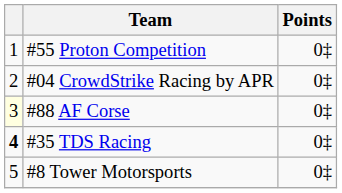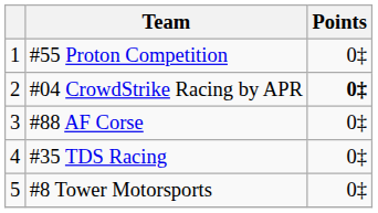 <table class="wikitable" style="font-size: 95%;">
 <tr>
 <th scope="col"></th>
 <th scope="col">Team</th>
 <th scope="col">Points</th>
 </tr>
 <tr>
 <td align=center>1</td>
 <td> #55 <a href='#'>Proton Competition</a></td>
 <td align=right>0‡</td>
 </tr>
 <tr>
 <td align=center>2</td>
 <td> #04 <a href='#'>CrowdStrike</a> Racing by APR</td>
-<td align=right>0‡</td>
+<td align=right><strong>0‡</strong></td>
 </tr>
 <tr>
-<td align=center style="background: lightyellow;">3</td>
+<td align=center>3</td>
 <td> #88 <a href='#'>AF Corse</a></td>
 <td align=right>0‡</td>
 </tr>
 <tr>
-<td align=center><strong>4</strong></td>
+<td align=center>4</td>
 <td> #35 <a href='#'>TDS Racing</a></td>
 <td align=right>0‡</td>
 </tr>
 <tr>
 <td align=center>5</td>
 <td> #8 Tower Motorsports</td>
 <td align=right>0‡</td>
 </tr>
 <tr>
 </tr>
 </table>
